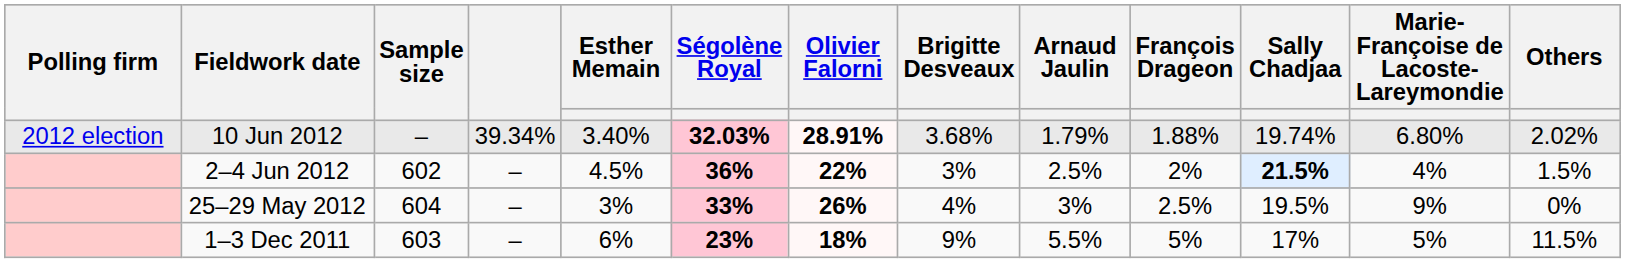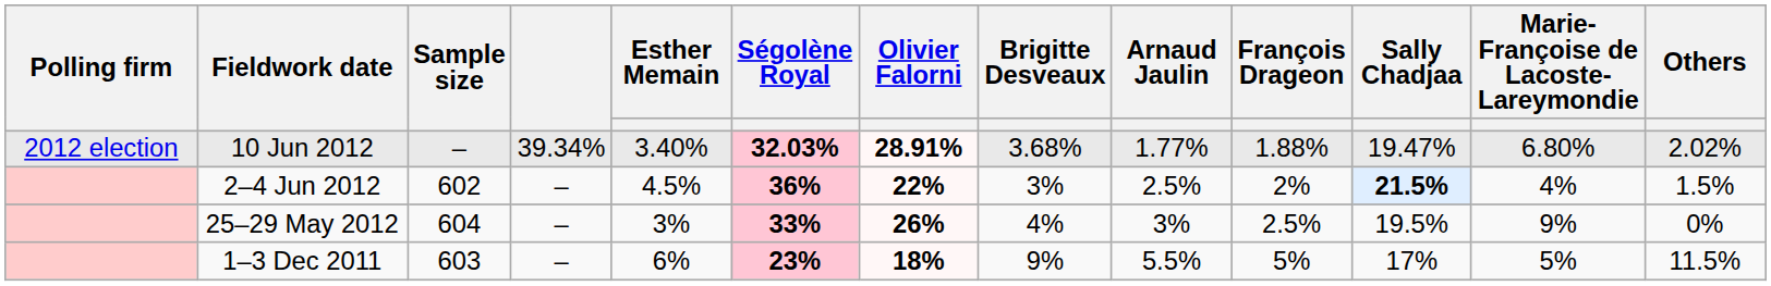 <table class="wikitable sortable" style="text-align:center;font-size:90%;line-height:14px;">
 <tr style="height:40px;">
 <th style="width:100px;" rowspan="2">Polling firm</th>
 <th style="width:110px;" rowspan="2">Fieldwork date</th>
 <th style="width:35px;" rowspan="2">Sample<br>size</th>
 <th style="width:30px;" rowspan="2"></th>
 <th class="unsortable" style="width:60px;">Esther Memain<br></th>
 <th class="unsortable" style="width:60px;"><a href='#'>Ségolène Royal</a><br></th>
 <th class="unsortable" style="width:60px;"><a href='#'>Olivier Falorni</a><br></th>
 <th class="unsortable" style="width:60px;">Brigitte Desveaux<br></th>
 <th class="unsortable" style="width:60px;">Arnaud Jaulin<br></th>
 <th class="unsortable" style="width:60px;">François Drageon<br></th>
 <th class="unsortable" style="width:60px;">Sally Chadjaa<br></th>
 <th class="unsortable" style="width:60px;">Marie-Françoise de Lacoste-Lareymondie<br></th>
 <th class="unsortable" style="width:60px;">Others</th>
 </tr>
 <tr>
 <th style="background:"></th>
 <th style="background:"></th>
 <th style="background:"></th>
 <th style="background:"></th>
 <th style="background:"></th>
 <th style="background:"></th>
 <th style="background:"></th>
 <th style="background:"></th>
 <th style="background:"></th>
 </tr>
 <tr style="background:#E9E9E9;">
 <td><a href='#'>2012 election</a></td>
 <td data-sort-value="2012-06-10">10 Jun 2012</td>
 <td>–</td>
 <td>39.34%</td>
 <td>3.40%</td>
 <td style="background:#FFC6D5;"><strong>32.03%</strong></td>
 <td style="background:#FFF7F7;"><strong>28.91%</strong></td>
 <td>3.68%</td>
-<td>1.79%</td>
+<td>1.77%</td>
 <td>1.88%</td>
-<td>19.74%</td>
+<td>19.47%</td>
 <td>6.80%</td>
 <td>2.02%</td>
 </tr>
 <tr>
 <td style="background:#FFCCCC;"></td>
 <td data-sort-value="2012-06-04">2–4 Jun 2012</td>
 <td>602</td>
 <td>–</td>
 <td>4.5%</td>
 <td style="background:#FFC6D5;"><strong>36%</strong></td>
 <td style="background:#FFF7F7;"><strong>22%</strong></td>
 <td>3%</td>
 <td>2.5%</td>
 <td>2%</td>
 <td style="background:#DFEEFF;"><strong>21.5%</strong></td>
 <td>4%</td>
 <td>1.5%</td>
 </tr>
 <tr>
 <td style="background:#FFCCCC;"></td>
 <td data-sort-value="2012-05-29">25–29 May 2012</td>
 <td>604</td>
 <td>–</td>
 <td>3%</td>
 <td style="background:#FFC6D5;"><strong>33%</strong></td>
 <td style="background:#FFF7F7;"><strong>26%</strong></td>
 <td>4%</td>
 <td>3%</td>
 <td>2.5%</td>
 <td>19.5%</td>
 <td>9%</td>
 <td>0%</td>
 </tr>
 <tr>
 <td style="background:#FFCCCC;"></td>
 <td data-sort-value="2011-12-03">1–3 Dec 2011</td>
 <td>603</td>
 <td>–</td>
 <td>6%</td>
 <td style="background:#FFC6D5;"><strong>23%</strong></td>
 <td style="background:#FFF7F7;"><strong>18%</strong></td>
 <td>9%</td>
 <td>5.5%</td>
 <td>5%</td>
 <td>17%</td>
 <td>5%</td>
 <td>11.5%</td>
 </tr>
 </table>
